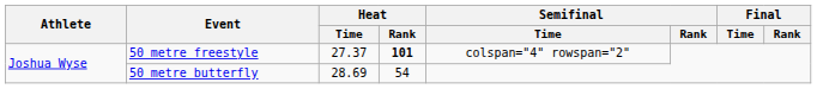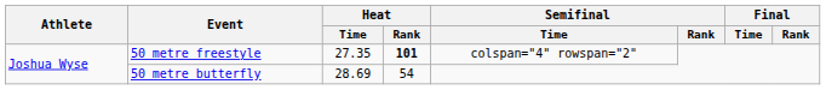 <table class="wikitable" style="text-align:center; font-size:90%; width:50%;">
 <tr>
 <th rowspan="2">Athlete</th>
 <th rowspan="2">Event</th>
 <th colspan="2">Heat</th>
 <th colspan="2">Semifinal</th>
 <th colspan="2">Final</th>
 </tr>
 <tr style="font-size:95%">
 <th>Time</th>
 <th>Rank</th>
 <th>Time</th>
 <th>Rank</th>
 <th>Time</th>
 <th>Rank</th>
 </tr>
 <tr align=center>
 <td align=left rowspan="2"><a href='#'>Joshua Wyse</a></td>
 <td align=left><a href='#'>50 metre freestyle</a></td>
-<td>27.37</td>
+<td>27.35</td>
 <td><strong>101</strong></td>
 <td>colspan="4" rowspan="2"</td>
 </tr>
 <tr align=center>
 <td align=left><a href='#'>50 metre butterfly</a></td>
 <td>28.69</td>
 <td>54</td>
 </tr>
 </table>
